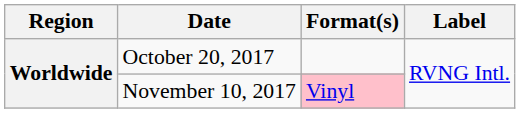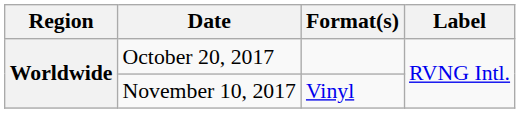 <table class="wikitable plainrowheaders">
 <tr>
 <th scope="col">Region</th>
 <th scope="col">Date</th>
 <th scope="col">Format(s)</th>
 <th scope="col">Label</th>
 </tr>
 <tr>
 <th scope="row" rowspan=2>Worldwide</th>
 <td>October 20, 2017</td>
 <td></td>
 <td rowspan=2><a href='#'>RVNG Intl.</a></td>
 </tr>
 <tr>
 <td>November 10, 2017</td>
-<td style="background: pink;"><a href='#'>Vinyl</a></td>
+<td><a href='#'>Vinyl</a></td>
 </tr>
 </table>
